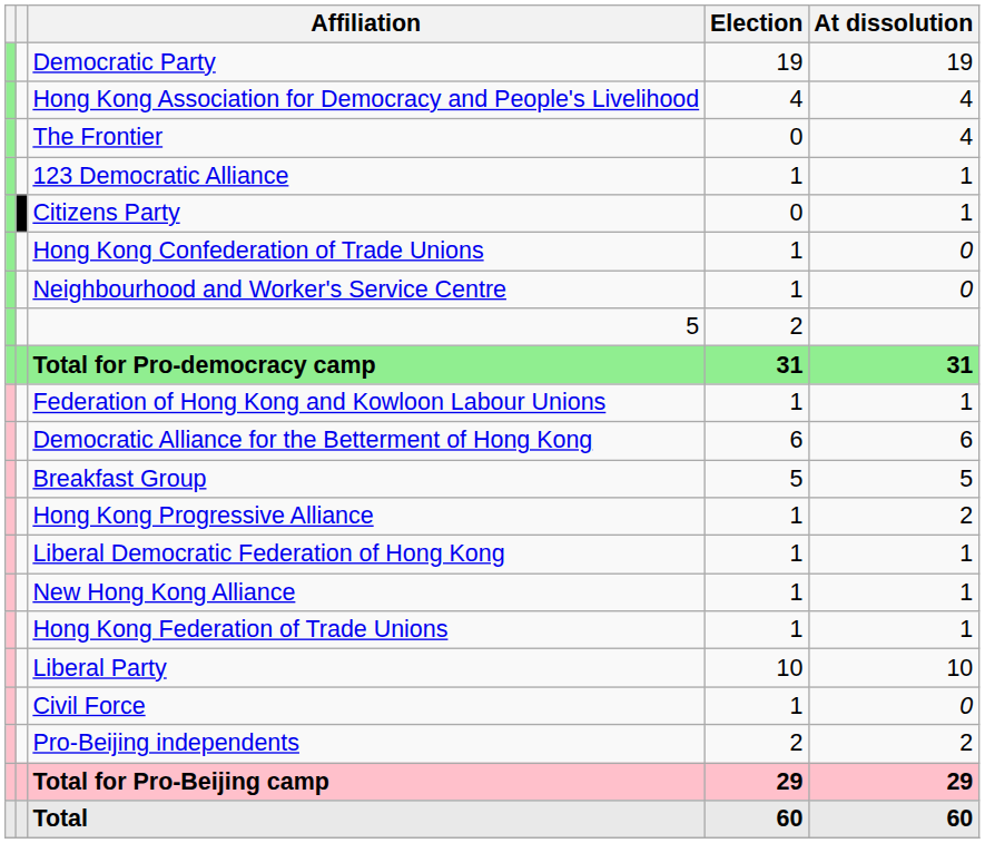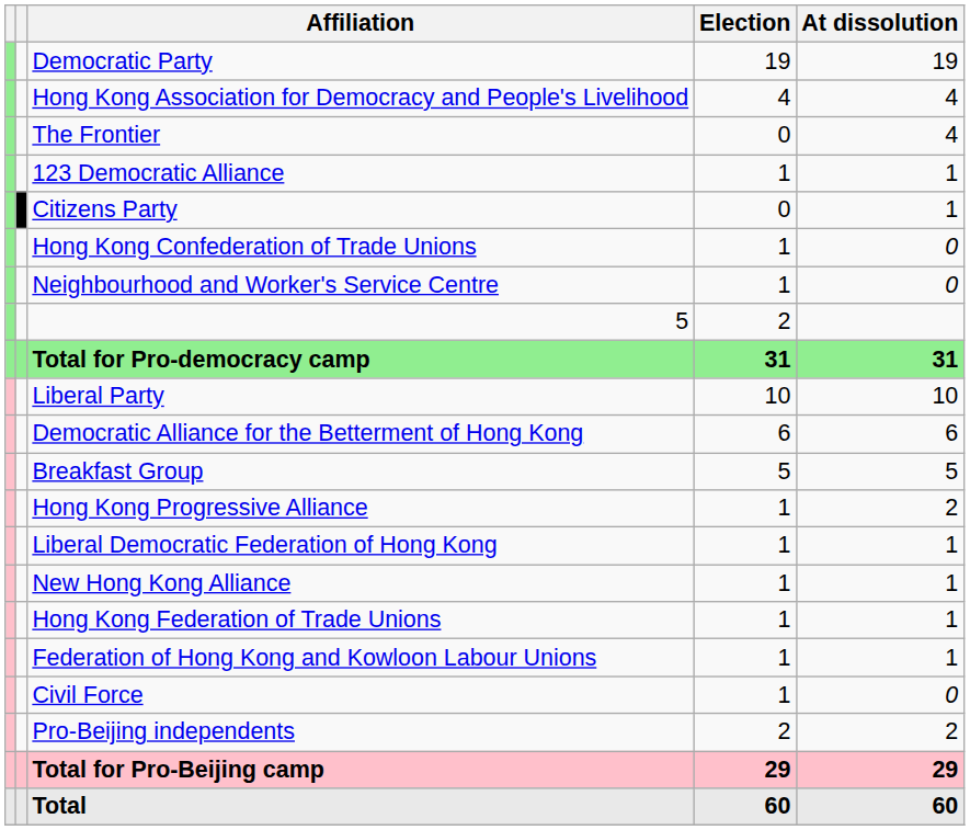 <table class="wikitable sortable">
 <tr>
 <th class="unsortable"></th>
 <th class="unsortable"></th>
 <th>Affiliation</th>
 <th>Election</th>
 <th>At dissolution</th>
 </tr>
 <tr>
 <td bgcolor=LightGreen></td>
 <td></td>
 <td><a href='#'>Democratic Party</a></td>
 <td align="right">19</td>
 <td align="right">19</td>
 </tr>
 <tr>
 <td bgcolor=LightGreen></td>
 <td></td>
 <td><a href='#'>Hong Kong Association for Democracy and People's Livelihood</a></td>
 <td align="right">4</td>
 <td align="right">4</td>
 </tr>
 <tr>
 <td bgcolor=LightGreen></td>
 <td></td>
 <td><a href='#'>The Frontier</a></td>
 <td align="right">0</td>
 <td align="right">4</td>
 </tr>
 <tr>
 <td bgcolor=LightGreen></td>
 <td></td>
 <td><a href='#'>123 Democratic Alliance</a></td>
 <td align="right">1</td>
 <td align="right">1</td>
 </tr>
 <tr>
 <td bgcolor=LightGreen></td>
 <td bgcolor="black"></td>
 <td><a href='#'>Citizens Party</a></td>
 <td align="right">0</td>
 <td align="right">1</td>
 </tr>
 <tr>
 <td bgcolor=LightGreen></td>
 <td></td>
 <td><a href='#'>Hong Kong Confederation of Trade Unions</a></td>
 <td align="right">1</td>
 <td align="right"><em>0</em></td>
 </tr>
 <tr>
 <td bgcolor=LightGreen></td>
 <td></td>
 <td><a href='#'>Neighbourhood and Worker's Service Centre</a></td>
 <td align="right">1</td>
 <td align="right"><em>0</em></td>
 </tr>
 <tr>
 <td bgcolor=LightGreen></td>
 <td></td>
 <td align="right">5</td>
 <td align="right">2</td>
 </tr>
 <tr>
 <td style="background-color:LightGreen"></td>
 <td style="background-color:LightGreen"></td>
 <td style="background-color:LightGreen"><strong>Total for Pro-democracy camp</strong></td>
 <td align="right" style="background-color:LightGreen"><strong>31</strong></td>
 <td align="right" style="background-color:LightGreen"><strong>31</strong></td>
 </tr>
 <tr>
 <td bgcolor=Pink></td>
 <td></td>
-<td><a href='#'>Federation of Hong Kong and Kowloon Labour Unions</a></td>
-<td align="right">1</td>
-<td align="right">1</td>
+<td><a href='#'>Liberal Party</a></td>
+<td align="right">10</td>
+<td align="right">10</td>
 </tr>
 <tr>
 <td bgcolor=Pink></td>
 <td></td>
 <td><a href='#'>Democratic Alliance for the Betterment of Hong Kong</a></td>
 <td align="right">6</td>
 <td align="right">6</td>
 </tr>
 <tr>
 <td bgcolor=Pink></td>
 <td></td>
 <td><a href='#'>Breakfast Group</a></td>
 <td align="right">5</td>
 <td align="right">5</td>
 </tr>
 <tr>
 <td bgcolor=Pink></td>
 <td></td>
 <td><a href='#'>Hong Kong Progressive Alliance</a></td>
 <td align="right">1</td>
 <td align="right">2</td>
 </tr>
 <tr>
 <td bgcolor=Pink></td>
 <td></td>
 <td><a href='#'>Liberal Democratic Federation of Hong Kong</a></td>
 <td align="right">1</td>
 <td align="right">1</td>
 </tr>
 <tr>
 <td bgcolor=Pink></td>
 <td></td>
 <td><a href='#'>New Hong Kong Alliance</a></td>
 <td align="right">1</td>
 <td align="right">1</td>
 </tr>
 <tr>
 <td bgcolor=Pink></td>
 <td></td>
 <td><a href='#'>Hong Kong Federation of Trade Unions</a></td>
 <td align="right">1</td>
 <td align="right">1</td>
 </tr>
 <tr>
 <td bgcolor=Pink></td>
 <td></td>
-<td><a href='#'>Liberal Party</a></td>
-<td align="right">10</td>
-<td align="right">10</td>
+<td><a href='#'>Federation of Hong Kong and Kowloon Labour Unions</a></td>
+<td align="right">1</td>
+<td align="right">1</td>
 </tr>
 <tr>
 <td bgcolor=Pink></td>
 <td></td>
 <td><a href='#'>Civil Force</a></td>
 <td align="right">1</td>
 <td align="right"><em>0</em></td>
 </tr>
 <tr>
 <td bgcolor=Pink></td>
 <td></td>
 <td><a href='#'>Pro-Beijing independents</a></td>
 <td align="right">2</td>
 <td align="right">2</td>
 </tr>
 <tr>
 <td style="background-color:Pink"></td>
 <td style="background-color:Pink"></td>
 <td style="background-color:Pink"><strong>Total for Pro-Beijing camp</strong></td>
 <td align="right" style="background-color:Pink"><strong>29</strong></td>
 <td align="right" style="background-color:Pink"><strong>29</strong></td>
 </tr>
 <tr class="sortbottom">
 <td style="background-color:#E9E9E9"></td>
 <td style="background-color:#E9E9E9"></td>
 <td style="background-color:#E9E9E9"><strong>Total</strong></td>
 <td align="right" style="background-color:#E9E9E9"><strong>60</strong></td>
 <td align="right" style="background-color:#E9E9E9"><strong>60</strong></td>
 </tr>
 <tr>
 </tr>
 </table>
